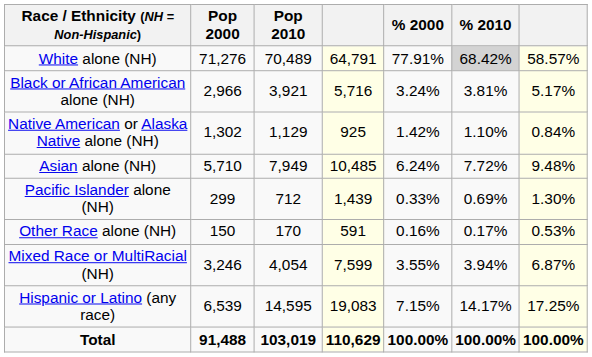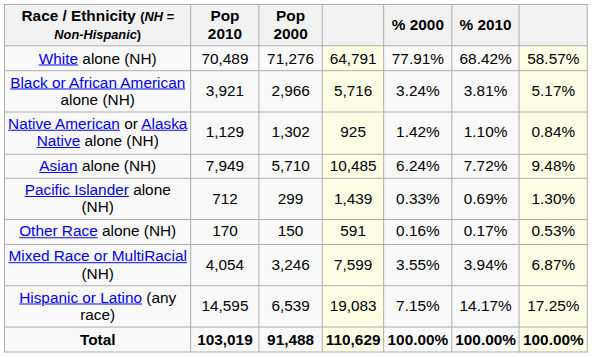 <table class="wikitable" style="text-align:center;">
 <tr>
 <th>Race / Ethnicity <small>(<em>NH = Non-Hispanic</em>)</small></th>
+<th>Pop 2010</th>
 <th>Pop 2000</th>
-<th>Pop 2010</th>
 <th></th>
 <th>% 2000</th>
 <th>% 2010</th>
 <th></th>
 </tr>
 <tr>
 <td><a href='#'>White</a> alone (NH)</td>
+<td>70,489</td>
 <td>71,276</td>
-<td>70,489</td>
 <td style='background: #ffffe6;'>64,791</td>
 <td>77.91%</td>
-<td style="background: lightgrey;">68.42%</td>
+<td>68.42%</td>
 <td style='background: #ffffe6;'>58.57%</td>
 </tr>
 <tr>
 <td><a href='#'>Black or African American</a> alone (NH)</td>
+<td>3,921</td>
 <td>2,966</td>
-<td>3,921</td>
 <td style='background: #ffffe6;'>5,716</td>
 <td>3.24%</td>
 <td>3.81%</td>
 <td style='background: #ffffe6;'>5.17%</td>
 </tr>
 <tr>
 <td><a href='#'>Native American</a> or <a href='#'>Alaska Native</a> alone (NH)</td>
+<td>1,129</td>
 <td>1,302</td>
-<td>1,129</td>
 <td style='background: #ffffe6;'>925</td>
 <td>1.42%</td>
 <td>1.10%</td>
 <td style='background: #ffffe6;'>0.84%</td>
 </tr>
 <tr>
 <td><a href='#'>Asian</a> alone (NH)</td>
+<td>7,949</td>
 <td>5,710</td>
-<td>7,949</td>
 <td style='background: #ffffe6;'>10,485</td>
 <td>6.24%</td>
 <td>7.72%</td>
 <td style='background: #ffffe6;'>9.48%</td>
 </tr>
 <tr>
 <td><a href='#'>Pacific Islander</a> alone (NH)</td>
+<td>712</td>
 <td>299</td>
-<td>712</td>
 <td style='background: #ffffe6;'>1,439</td>
 <td>0.33%</td>
 <td>0.69%</td>
 <td style='background: #ffffe6;'>1.30%</td>
 </tr>
 <tr>
 <td><a href='#'>Other Race</a> alone (NH)</td>
+<td>170</td>
 <td>150</td>
-<td>170</td>
 <td style='background: #ffffe6;'>591</td>
 <td>0.16%</td>
 <td>0.17%</td>
 <td style='background: #ffffe6;'>0.53%</td>
 </tr>
 <tr>
 <td><a href='#'>Mixed Race or MultiRacial</a> (NH)</td>
+<td>4,054</td>
 <td>3,246</td>
-<td>4,054</td>
 <td style='background: #ffffe6;'>7,599</td>
 <td>3.55%</td>
 <td>3.94%</td>
 <td style='background: #ffffe6;'>6.87%</td>
 </tr>
 <tr>
 <td><a href='#'>Hispanic or Latino</a> (any race)</td>
+<td>14,595</td>
 <td>6,539</td>
-<td>14,595</td>
 <td style='background: #ffffe6;'>19,083</td>
 <td>7.15%</td>
 <td>14.17%</td>
 <td style='background: #ffffe6;'>17.25%</td>
 </tr>
 <tr>
 <td><strong>Total</strong></td>
+<td><strong>103,019</strong></td>
 <td><strong>91,488</strong></td>
-<td><strong>103,019</strong></td>
 <td style='background: #ffffe6;'><strong>110,629</strong></td>
 <td><strong>100.00%</strong></td>
 <td><strong>100.00%</strong></td>
 <td style='background: #ffffe6;'><strong>100.00%</strong></td>
 </tr>
 </table>
